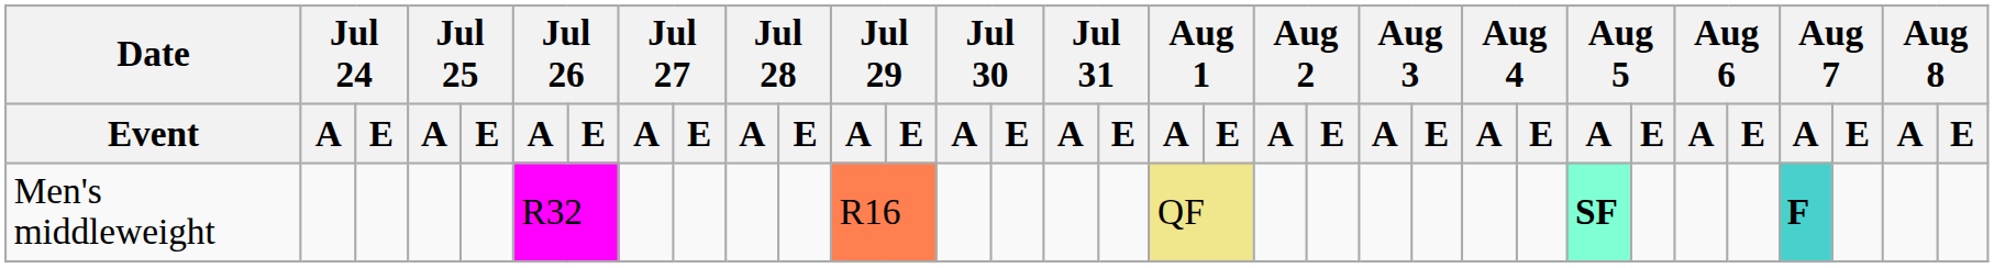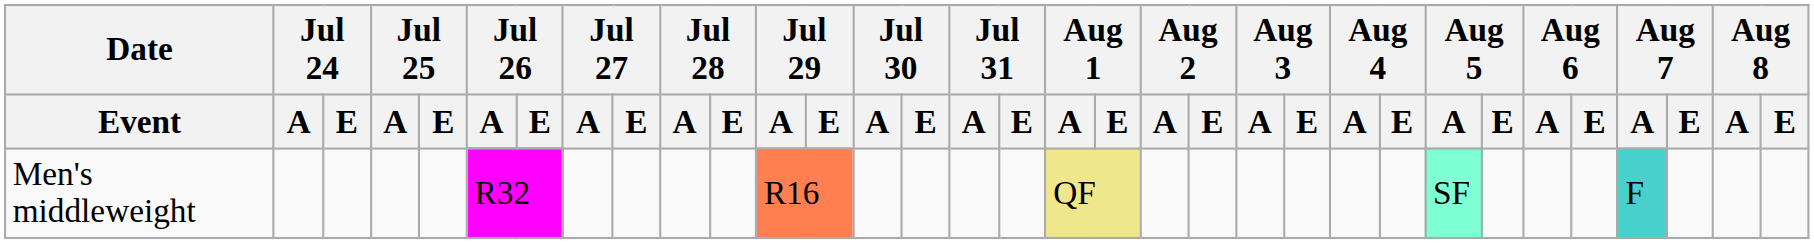 <table class="wikitable olympic-schedule Boxing">
 <tr>
 <th>Date</th>
 <th colspan="2">Jul 24</th>
 <th colspan="2">Jul 25</th>
 <th colspan="2">Jul 26</th>
 <th colspan="2">Jul 27</th>
 <th colspan="2">Jul 28</th>
 <th colspan="2">Jul 29</th>
 <th colspan="2">Jul 30</th>
 <th colspan="2">Jul 31</th>
 <th colspan="2">Aug 1</th>
 <th colspan="2">Aug 2</th>
 <th colspan="2">Aug 3</th>
 <th colspan="2">Aug 4</th>
 <th colspan="2">Aug 5</th>
 <th colspan="2">Aug 6</th>
 <th colspan="2">Aug 7</th>
 <th colspan="2">Aug 8</th>
 </tr>
 <tr>
 <th>Event</th>
 <th>A</th>
 <th>E</th>
 <th>A</th>
 <th>E</th>
 <th>A</th>
 <th>E</th>
 <th>A</th>
 <th>E</th>
 <th>A</th>
 <th>E</th>
 <th>A</th>
 <th>E</th>
 <th>A</th>
 <th>E</th>
 <th>A</th>
 <th>E</th>
 <th>A</th>
 <th>E</th>
 <th>A</th>
 <th>E</th>
 <th>A</th>
 <th>E</th>
 <th>A</th>
 <th>E</th>
 <th>A</th>
 <th>E</th>
 <th>A</th>
 <th>E</th>
 <th>A</th>
 <th>E</th>
 <th>A</th>
 <th>E</th>
 </tr>
 <tr>
 <td class="event">Men's middleweight</td>
 <td></td>
 <td></td>
 <td></td>
 <td></td>
 <td colspan="2" bgcolor="#FF00FF" class="roundof32">R32</td>
 <td></td>
 <td></td>
 <td></td>
 <td></td>
 <td colspan="2" bgcolor="#FF7F50" class="roundof16">R16</td>
 <td></td>
 <td></td>
 <td></td>
 <td></td>
 <td colspan="2" bgcolor="#F0E68C" class="quarterfinals">QF</td>
 <td></td>
 <td></td>
 <td></td>
 <td></td>
 <td></td>
 <td></td>
-<td bgcolor="#7FFFD4" class="semifinals"><strong>SF</strong></td>
+<td bgcolor="#7FFFD4" class="semifinals">SF</td>
 <td></td>
 <td></td>
 <td></td>
-<td bgcolor="#48D1CC" class="final"><strong>F</strong></td>
+<td bgcolor="#48D1CC" class="final">F</td>
 <td></td>
 <td></td>
 <td></td>
 </tr>
 </table>
